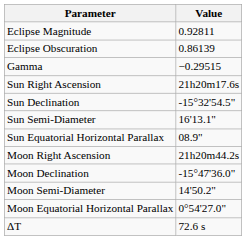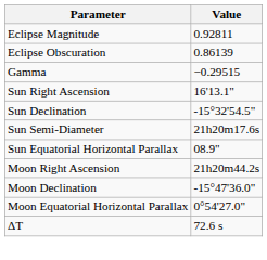 <table class="wikitable">
 <tr>
 <th>Parameter</th>
 <th>Value</th>
 </tr>
 <tr>
 <td>Eclipse Magnitude</td>
 <td>0.92811</td>
 </tr>
 <tr>
 <td>Eclipse Obscuration</td>
 <td>0.86139</td>
 </tr>
 <tr>
 <td>Gamma</td>
 <td>−0.29515</td>
 </tr>
 <tr>
 <td>Sun Right Ascension</td>
-<td>21h20m17.6s</td>
+<td>16'13.1"</td>
 </tr>
 <tr>
 <td>Sun Declination</td>
 <td>-15°32'54.5"</td>
 </tr>
 <tr>
 <td>Sun Semi-Diameter</td>
-<td>16'13.1"</td>
+<td>21h20m17.6s</td>
 </tr>
 <tr>
 <td>Sun Equatorial Horizontal Parallax</td>
 <td>08.9"</td>
 </tr>
 <tr>
 <td>Moon Right Ascension</td>
 <td>21h20m44.2s</td>
 </tr>
 <tr>
 <td>Moon Declination</td>
 <td>-15°47'36.0"</td>
 </tr>
 <tr>
-<td>Moon Semi-Diameter</td>
-<td>14'50.2"</td>
-</tr>
-<tr>
 <td>Moon Equatorial Horizontal Parallax</td>
 <td>0°54'27.0"</td>
 </tr>
 <tr>
 <td>ΔT</td>
 <td>72.6 s</td>
 </tr>
 </table>
